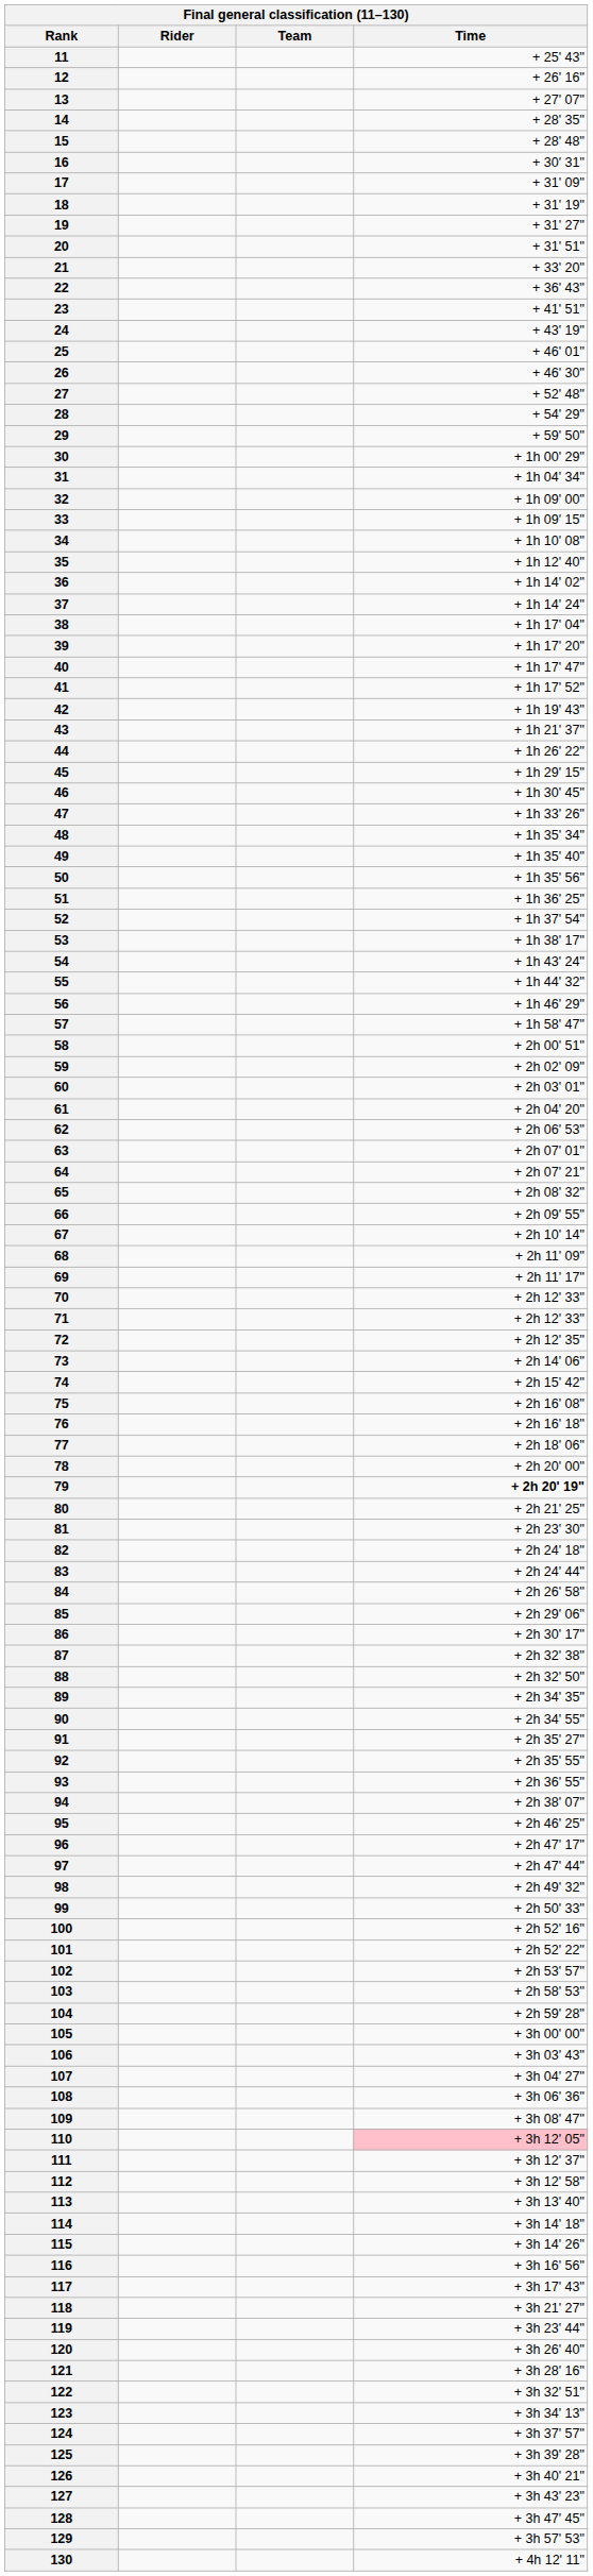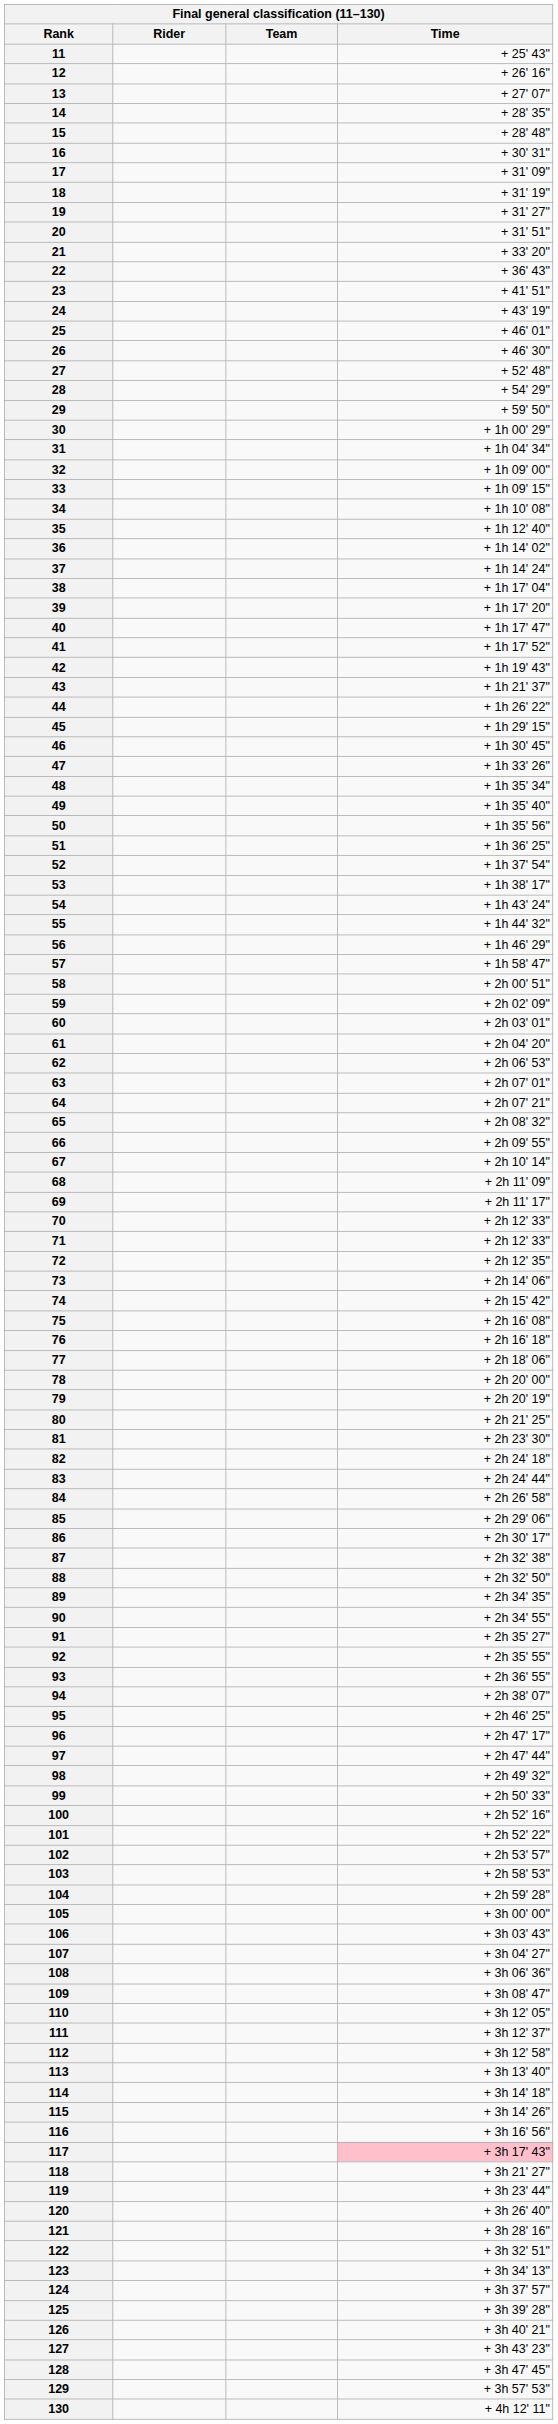 <table class="collapsible collapsed wikitable" style="width:44em;margin-top:-1px;">
 <tr>
 <th scope="col" colspan="4">Final general classification (11–130)</th>
 </tr>
 <tr>
 <th scope="col">Rank</th>
 <th scope="col">Rider</th>
 <th scope="col">Team</th>
 <th scope="col">Time</th>
 </tr>
 <tr |->
 <th scope="row">11</th>
 <td></td>
 <td></td>
 <td style="text-align:right;">+ 25' 43"</td>
 </tr>
 <tr>
 <th scope="row">12</th>
 <td></td>
 <td></td>
 <td style="text-align:right;">+ 26' 16"</td>
 </tr>
 <tr>
 <th scope="row">13</th>
 <td></td>
 <td></td>
 <td style="text-align:right;">+ 27' 07"</td>
 </tr>
 <tr>
 <th scope="row">14</th>
 <td></td>
 <td></td>
 <td style="text-align:right;">+ 28' 35"</td>
 </tr>
 <tr>
 <th scope="row">15</th>
 <td></td>
 <td></td>
 <td style="text-align:right;">+ 28' 48"</td>
 </tr>
 <tr>
 <th scope="row">16</th>
 <td></td>
 <td></td>
 <td style="text-align:right;">+ 30' 31"</td>
 </tr>
 <tr>
 <th scope="row">17</th>
 <td></td>
 <td></td>
 <td style="text-align:right;">+ 31' 09"</td>
 </tr>
 <tr>
 <th scope="row">18</th>
 <td></td>
 <td></td>
 <td style="text-align:right;">+ 31' 19"</td>
 </tr>
 <tr>
 <th scope="row">19</th>
 <td></td>
 <td></td>
 <td style="text-align:right;">+ 31' 27"</td>
 </tr>
 <tr>
 <th scope="row">20</th>
 <td></td>
 <td></td>
 <td style="text-align:right;">+ 31' 51"</td>
 </tr>
 <tr>
 <th scope="row">21</th>
 <td></td>
 <td></td>
 <td style="text-align:right;">+ 33' 20"</td>
 </tr>
 <tr>
 <th scope="row">22</th>
 <td></td>
 <td></td>
 <td style="text-align:right;">+ 36' 43"</td>
 </tr>
 <tr>
 <th scope="row">23</th>
 <td></td>
 <td></td>
 <td style="text-align:right;">+ 41' 51"</td>
 </tr>
 <tr>
 <th scope="row">24</th>
 <td></td>
 <td></td>
 <td style="text-align:right;">+ 43' 19"</td>
 </tr>
 <tr>
 <th scope="row">25</th>
 <td></td>
 <td></td>
 <td style="text-align:right;">+ 46' 01"</td>
 </tr>
 <tr>
 <th scope="row">26</th>
 <td></td>
 <td></td>
 <td style="text-align:right;">+ 46' 30"</td>
 </tr>
 <tr>
 <th scope="row">27</th>
 <td></td>
 <td></td>
 <td style="text-align:right;">+ 52' 48"</td>
 </tr>
 <tr>
 <th scope="row">28</th>
 <td></td>
 <td></td>
 <td style="text-align:right;">+ 54' 29"</td>
 </tr>
 <tr>
 <th scope="row">29</th>
 <td></td>
 <td></td>
 <td style="text-align:right;">+ 59' 50"</td>
 </tr>
 <tr>
 <th scope="row">30</th>
 <td></td>
 <td></td>
 <td style="text-align:right;">+ 1h 00' 29"</td>
 </tr>
 <tr>
 <th scope="row">31</th>
 <td></td>
 <td></td>
 <td style="text-align:right;">+ 1h 04' 34"</td>
 </tr>
 <tr>
 <th scope="row">32</th>
 <td></td>
 <td></td>
 <td style="text-align:right;">+ 1h 09' 00"</td>
 </tr>
 <tr>
 <th scope="row">33</th>
 <td></td>
 <td></td>
 <td style="text-align:right;">+ 1h 09' 15"</td>
 </tr>
 <tr>
 <th scope="row">34</th>
 <td> </td>
 <td></td>
 <td style="text-align:right;">+ 1h 10' 08"</td>
 </tr>
 <tr>
 <th scope="row">35</th>
 <td></td>
 <td></td>
 <td style="text-align:right;">+ 1h 12' 40"</td>
 </tr>
 <tr>
 <th scope="row">36</th>
 <td></td>
 <td></td>
 <td style="text-align:right;">+ 1h 14' 02"</td>
 </tr>
 <tr>
 <th scope="row">37</th>
 <td></td>
 <td></td>
 <td style="text-align:right;">+ 1h 14' 24"</td>
 </tr>
 <tr>
 <th scope="row">38</th>
 <td></td>
 <td></td>
 <td style="text-align:right;">+ 1h 17' 04"</td>
 </tr>
 <tr>
 <th scope="row">39</th>
 <td></td>
 <td></td>
 <td style="text-align:right;">+ 1h 17' 20"</td>
 </tr>
 <tr>
 <th scope="row">40</th>
 <td></td>
 <td></td>
 <td style="text-align:right;">+ 1h 17' 47"</td>
 </tr>
 <tr>
 <th scope="row">41</th>
 <td></td>
 <td></td>
 <td style="text-align:right;">+ 1h 17' 52"</td>
 </tr>
 <tr>
 <th scope="row">42</th>
 <td></td>
 <td></td>
 <td style="text-align:right;">+ 1h 19' 43"</td>
 </tr>
 <tr>
 <th scope="row">43</th>
 <td></td>
 <td></td>
 <td style="text-align:right;">+ 1h 21' 37"</td>
 </tr>
 <tr>
 <th scope="row">44</th>
 <td></td>
 <td></td>
 <td style="text-align:right;">+ 1h 26' 22"</td>
 </tr>
 <tr>
 <th scope="row">45</th>
 <td></td>
 <td></td>
 <td style="text-align:right;">+ 1h 29' 15"</td>
 </tr>
 <tr>
 <th scope="row">46</th>
 <td></td>
 <td></td>
 <td style="text-align:right;">+ 1h 30' 45"</td>
 </tr>
 <tr>
 <th scope="row">47</th>
 <td></td>
 <td></td>
 <td style="text-align:right;">+ 1h 33' 26"</td>
 </tr>
 <tr>
 <th scope="row">48</th>
 <td></td>
 <td></td>
 <td style="text-align:right;">+ 1h 35' 34"</td>
 </tr>
 <tr>
 <th scope="row">49</th>
 <td></td>
 <td></td>
 <td style="text-align:right;">+ 1h 35' 40"</td>
 </tr>
 <tr>
 <th scope="row">50</th>
 <td></td>
 <td></td>
 <td style="text-align:right;">+ 1h 35' 56"</td>
 </tr>
 <tr>
 <th scope="row">51</th>
 <td></td>
 <td></td>
 <td style="text-align:right;">+ 1h 36' 25"</td>
 </tr>
 <tr>
 <th scope="row">52</th>
 <td></td>
 <td></td>
 <td style="text-align:right;">+ 1h 37' 54"</td>
 </tr>
 <tr>
 <th scope="row">53</th>
 <td></td>
 <td></td>
 <td style="text-align:right;">+ 1h 38' 17"</td>
 </tr>
 <tr>
 <th scope="row">54</th>
 <td></td>
 <td></td>
 <td style="text-align:right;">+ 1h 43' 24"</td>
 </tr>
 <tr>
 <th scope="row">55</th>
 <td></td>
 <td></td>
 <td style="text-align:right;">+ 1h 44' 32"</td>
 </tr>
 <tr>
 <th scope="row">56</th>
 <td></td>
 <td></td>
 <td style="text-align:right;">+ 1h 46' 29"</td>
 </tr>
 <tr>
 <th scope="row">57</th>
 <td></td>
 <td></td>
 <td style="text-align:right;">+ 1h 58' 47"</td>
 </tr>
 <tr>
 <th scope="row">58</th>
 <td></td>
 <td></td>
 <td style="text-align:right;">+ 2h 00' 51"</td>
 </tr>
 <tr>
 <th scope="row">59</th>
 <td></td>
 <td></td>
 <td style="text-align:right;">+ 2h 02' 09"</td>
 </tr>
 <tr>
 <th scope="row">60</th>
 <td></td>
 <td></td>
 <td style="text-align:right;">+ 2h 03' 01"</td>
 </tr>
 <tr>
 <th scope="row">61</th>
 <td></td>
 <td></td>
 <td style="text-align:right;">+ 2h 04' 20"</td>
 </tr>
 <tr>
 <th scope="row">62</th>
 <td></td>
 <td></td>
 <td style="text-align:right;">+ 2h 06' 53"</td>
 </tr>
 <tr>
 <th scope="row">63</th>
 <td></td>
 <td></td>
 <td style="text-align:right;">+ 2h 07' 01"</td>
 </tr>
 <tr>
 <th scope="row">64</th>
 <td></td>
 <td></td>
 <td style="text-align:right;">+ 2h 07' 21"</td>
 </tr>
 <tr>
 <th scope="row">65</th>
 <td></td>
 <td></td>
 <td style="text-align:right;">+ 2h 08' 32"</td>
 </tr>
 <tr>
 <th scope="row">66</th>
 <td></td>
 <td></td>
 <td style="text-align:right;">+ 2h 09' 55"</td>
 </tr>
 <tr>
 <th scope="row">67</th>
 <td></td>
 <td></td>
 <td style="text-align:right;">+ 2h 10' 14"</td>
 </tr>
 <tr>
 <th scope="row">68</th>
 <td></td>
 <td></td>
 <td style="text-align:right;">+ 2h 11' 09"</td>
 </tr>
 <tr>
 <th scope="row">69</th>
 <td></td>
 <td></td>
 <td style="text-align:right;">+ 2h 11' 17"</td>
 </tr>
 <tr>
 <th scope="row">70</th>
 <td></td>
 <td></td>
 <td style="text-align:right;">+ 2h 12' 33"</td>
 </tr>
 <tr>
 <th scope="row">71</th>
 <td></td>
 <td></td>
 <td style="text-align:right;">+ 2h 12' 33"</td>
 </tr>
 <tr>
 <th scope="row">72</th>
 <td></td>
 <td></td>
 <td style="text-align:right;">+ 2h 12' 35"</td>
 </tr>
 <tr>
 <th scope="row">73</th>
 <td></td>
 <td></td>
 <td style="text-align:right;">+ 2h 14' 06"</td>
 </tr>
 <tr>
 <th scope="row">74</th>
 <td></td>
 <td></td>
 <td style="text-align:right;">+ 2h 15' 42"</td>
 </tr>
 <tr>
 <th scope="row">75</th>
 <td></td>
 <td></td>
 <td style="text-align:right;">+ 2h 16' 08"</td>
 </tr>
 <tr>
 <th scope="row">76</th>
 <td></td>
 <td></td>
 <td style="text-align:right;">+ 2h 16' 18"</td>
 </tr>
 <tr>
 <th scope="row">77</th>
 <td></td>
 <td></td>
 <td style="text-align:right;">+ 2h 18' 06"</td>
 </tr>
 <tr>
 <th scope="row">78</th>
 <td></td>
 <td></td>
 <td style="text-align:right;">+ 2h 20' 00"</td>
 </tr>
 <tr>
 <th scope="row">79</th>
 <td></td>
 <td></td>
-<td style="text-align:right;"><strong>+ 2h 20' 19"</strong></td>
+<td style="text-align:right;">+ 2h 20' 19"</td>
 </tr>
 <tr>
 <th scope="row">80</th>
 <td></td>
 <td></td>
 <td style="text-align:right;">+ 2h 21' 25"</td>
 </tr>
 <tr>
 <th scope="row">81</th>
 <td></td>
 <td></td>
 <td style="text-align:right;">+ 2h 23' 30"</td>
 </tr>
 <tr>
 <th scope="row">82</th>
 <td></td>
 <td></td>
 <td style="text-align:right;">+ 2h 24' 18"</td>
 </tr>
 <tr>
 <th scope="row">83</th>
 <td></td>
 <td></td>
 <td style="text-align:right;">+ 2h 24' 44"</td>
 </tr>
 <tr>
 <th scope="row">84</th>
 <td></td>
 <td></td>
 <td style="text-align:right;">+ 2h 26' 58"</td>
 </tr>
 <tr>
 <th scope="row">85</th>
 <td></td>
 <td></td>
 <td style="text-align:right;">+ 2h 29' 06"</td>
 </tr>
 <tr>
 <th scope="row">86</th>
 <td></td>
 <td></td>
 <td style="text-align:right;">+ 2h 30' 17"</td>
 </tr>
 <tr>
 <th scope="row">87</th>
 <td></td>
 <td></td>
 <td style="text-align:right;">+ 2h 32' 38"</td>
 </tr>
 <tr>
 <th scope="row">88</th>
 <td></td>
 <td></td>
 <td style="text-align:right;">+ 2h 32' 50"</td>
 </tr>
 <tr>
 <th scope="row">89</th>
 <td></td>
 <td></td>
 <td style="text-align:right;">+ 2h 34' 35"</td>
 </tr>
 <tr>
 <th scope="row">90</th>
 <td></td>
 <td></td>
 <td style="text-align:right;">+ 2h 34' 55"</td>
 </tr>
 <tr>
 <th scope="row">91</th>
 <td></td>
 <td></td>
 <td style="text-align:right;">+ 2h 35' 27"</td>
 </tr>
 <tr>
 <th scope="row">92</th>
 <td></td>
 <td></td>
 <td style="text-align:right;">+ 2h 35' 55"</td>
 </tr>
 <tr>
 <th scope="row">93</th>
 <td></td>
 <td></td>
 <td style="text-align:right;">+ 2h 36' 55"</td>
 </tr>
 <tr>
 <th scope="row">94</th>
 <td></td>
 <td></td>
 <td style="text-align:right;">+ 2h 38' 07"</td>
 </tr>
 <tr>
 <th scope="row">95</th>
 <td></td>
 <td></td>
 <td style="text-align:right;">+ 2h 46' 25"</td>
 </tr>
 <tr>
 <th scope="row">96</th>
 <td></td>
 <td></td>
 <td style="text-align:right;">+ 2h 47' 17"</td>
 </tr>
 <tr>
 <th scope="row">97</th>
 <td></td>
 <td></td>
 <td style="text-align:right;">+ 2h 47' 44"</td>
 </tr>
 <tr>
 <th scope="row">98</th>
 <td></td>
 <td></td>
 <td style="text-align:right;">+ 2h 49' 32"</td>
 </tr>
 <tr>
 <th scope="row">99</th>
 <td></td>
 <td></td>
 <td style="text-align:right;">+ 2h 50' 33"</td>
 </tr>
 <tr>
 <th scope="row">100</th>
 <td></td>
 <td></td>
 <td style="text-align:right;">+ 2h 52' 16"</td>
 </tr>
 <tr>
 <th scope="row">101</th>
 <td></td>
 <td></td>
 <td style="text-align:right;">+ 2h 52' 22"</td>
 </tr>
 <tr>
 <th scope="row">102</th>
 <td></td>
 <td></td>
 <td style="text-align:right;">+ 2h 53' 57"</td>
 </tr>
 <tr>
 <th scope="row">103</th>
 <td></td>
 <td></td>
 <td style="text-align:right;">+ 2h 58' 53"</td>
 </tr>
 <tr>
 <th scope="row">104</th>
 <td></td>
 <td></td>
 <td style="text-align:right;">+ 2h 59' 28"</td>
 </tr>
 <tr>
 <th scope="row">105</th>
 <td></td>
 <td></td>
 <td style="text-align:right;">+ 3h 00' 00"</td>
 </tr>
 <tr>
 <th scope="row">106</th>
 <td></td>
 <td></td>
 <td style="text-align:right;">+ 3h 03' 43"</td>
 </tr>
 <tr>
 <th scope="row">107</th>
 <td></td>
 <td></td>
 <td style="text-align:right;">+ 3h 04' 27"</td>
 </tr>
 <tr>
 <th scope="row">108</th>
 <td></td>
 <td></td>
 <td style="text-align:right;">+ 3h 06' 36"</td>
 </tr>
 <tr>
 <th scope="row">109</th>
 <td></td>
 <td></td>
 <td style="text-align:right;">+ 3h 08' 47"</td>
 </tr>
 <tr>
 <th scope="row">110</th>
 <td></td>
 <td></td>
-<td style="background: pink; text-align:right;">+ 3h 12' 05"</td>
+<td style="text-align:right;">+ 3h 12' 05"</td>
 </tr>
 <tr>
 <th scope="row">111</th>
 <td></td>
 <td></td>
 <td style="text-align:right;">+ 3h 12' 37"</td>
 </tr>
 <tr>
 <th scope="row">112</th>
 <td></td>
 <td></td>
 <td style="text-align:right;">+ 3h 12' 58"</td>
 </tr>
 <tr>
 <th scope="row">113</th>
 <td></td>
 <td></td>
 <td style="text-align:right;">+ 3h 13' 40"</td>
 </tr>
 <tr>
 <th scope="row">114</th>
 <td></td>
 <td></td>
 <td style="text-align:right;">+ 3h 14' 18"</td>
 </tr>
 <tr>
 <th scope="row">115</th>
 <td></td>
 <td></td>
 <td style="text-align:right;">+ 3h 14' 26"</td>
 </tr>
 <tr>
 <th scope="row">116</th>
 <td></td>
 <td></td>
 <td style="text-align:right;">+ 3h 16' 56"</td>
 </tr>
 <tr>
 <th scope="row">117</th>
 <td></td>
 <td></td>
-<td style="text-align:right;">+ 3h 17' 43"</td>
+<td style="background: pink; text-align:right;">+ 3h 17' 43"</td>
 </tr>
 <tr>
 <th scope="row">118</th>
 <td></td>
 <td></td>
 <td style="text-align:right;">+ 3h 21' 27"</td>
 </tr>
 <tr>
 <th scope="row">119</th>
 <td></td>
 <td></td>
 <td style="text-align:right;">+ 3h 23' 44"</td>
 </tr>
 <tr>
 <th scope="row">120</th>
 <td></td>
 <td></td>
 <td style="text-align:right;">+ 3h 26' 40"</td>
 </tr>
 <tr>
 <th scope="row">121</th>
 <td></td>
 <td></td>
 <td style="text-align:right;">+ 3h 28' 16"</td>
 </tr>
 <tr>
 <th scope="row">122</th>
 <td></td>
 <td></td>
 <td style="text-align:right;">+ 3h 32' 51"</td>
 </tr>
 <tr>
 <th scope="row">123</th>
 <td></td>
 <td></td>
 <td style="text-align:right;">+ 3h 34' 13"</td>
 </tr>
 <tr>
 <th scope="row">124</th>
 <td></td>
 <td></td>
 <td style="text-align:right;">+ 3h 37' 57"</td>
 </tr>
 <tr>
 <th scope="row">125</th>
 <td></td>
 <td></td>
 <td style="text-align:right;">+ 3h 39' 28"</td>
 </tr>
 <tr>
 <th scope="row">126</th>
 <td></td>
 <td></td>
 <td style="text-align:right;">+ 3h 40' 21"</td>
 </tr>
 <tr>
 <th scope="row">127</th>
 <td></td>
 <td></td>
 <td style="text-align:right;">+ 3h 43' 23"</td>
 </tr>
 <tr>
 <th scope="row">128</th>
 <td></td>
 <td></td>
 <td style="text-align:right;">+ 3h 47' 45"</td>
 </tr>
 <tr>
 <th scope="row">129</th>
 <td></td>
 <td></td>
 <td style="text-align:right;">+ 3h 57' 53"</td>
 </tr>
 <tr>
 <th scope="row">130</th>
 <td></td>
 <td></td>
 <td style="text-align:right;">+ 4h 12' 11"</td>
 </tr>
 </table>
